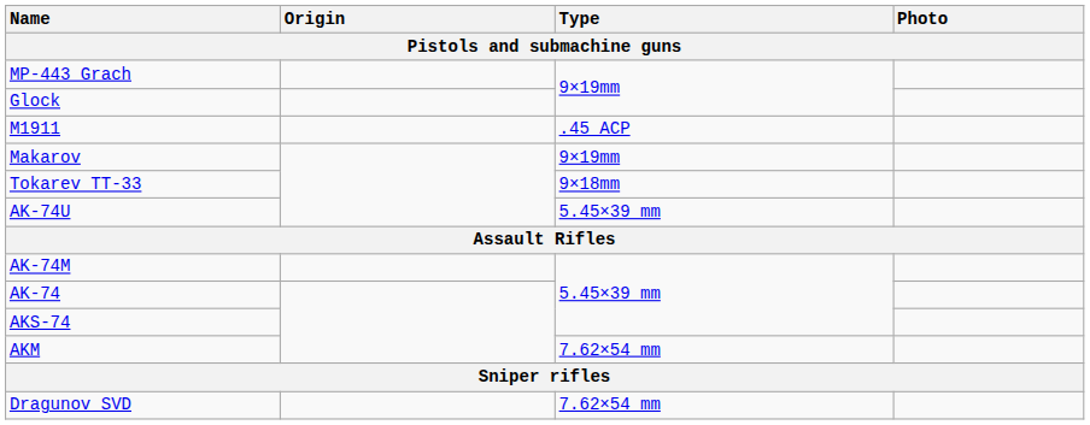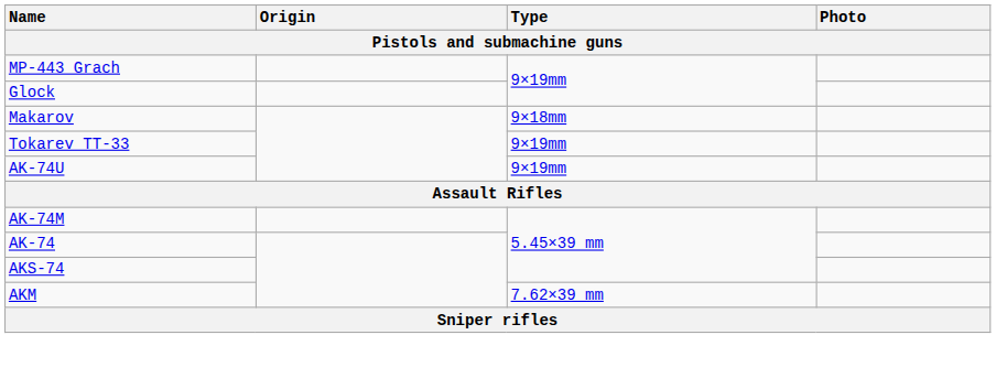 <table class="wikitable">
 <tr>
 <th style="text-align: left; width:13%;">Name</th>
 <th style="text-align: left; width:13%;">Origin</th>
 <th style="text-align: left; width:16%;">Type</th>
 <th style="text-align: left; width:9%; ">Photo</th>
 </tr>
 <tr>
 <th colspan="4" style="align: center;">Pistols and submachine guns</th>
 </tr>
 <tr>
 <td><a href='#'>MP-443 Grach</a></td>
 <td></td>
 <td rowspan="2"><a href='#'>9×19mm</a></td>
 <td></td>
 </tr>
 <tr>
 <td><a href='#'>Glock</a></td>
 <td></td>
 <td></td>
 </tr>
 <tr>
-<td><a href='#'>M1911</a></td>
-<td></td>
-<td><a href='#'>.45 ACP</a></td>
+<td><a href='#'>Makarov</a></td>
+<td rowspan="3"></td>
+<td><a href='#'>9×18mm</a></td>
 <td></td>
 </tr>
 <tr>
-<td><a href='#'>Makarov</a></td>
-<td rowspan="3"></td>
+<td><a href='#'>Tokarev TT-33</a></td>
 <td><a href='#'>9×19mm</a></td>
 <td></td>
 </tr>
 <tr>
-<td><a href='#'>Tokarev TT-33</a></td>
-<td><a href='#'>9×18mm</a></td>
-<td></td>
-</tr>
-<tr>
 <td><a href='#'>AK-74U</a></td>
-<td><a href='#'>5.45×39 mm</a></td>
+<td><a href='#'>9×19mm</a></td>
 <td></td>
 </tr>
 <tr>
 <th colspan="4" style="align: center;">Assault Rifles</th>
 </tr>
 <tr>
 <td><a href='#'>AK-74M</a></td>
 <td></td>
 <td rowspan="3"><a href='#'>5.45×39 mm</a></td>
 <td></td>
 </tr>
 <tr>
 <td><a href='#'>AK-74</a></td>
 <td rowspan="3"></td>
 <td></td>
 </tr>
 <tr>
 <td><a href='#'>AKS-74</a></td>
 <td></td>
 </tr>
 <tr>
 <td><a href='#'>AKM</a></td>
-<td><a href='#'>7.62×54 mm</a></td>
+<td><a href='#'>7.62×39 mm</a></td>
 <td></td>
 </tr>
 <tr>
 <th colspan="4" style="align: center;">Sniper rifles</th>
 </tr>
-<tr>
-<td><a href='#'>Dragunov SVD</a></td>
-<td></td>
-<td><a href='#'>7.62×54 mm</a></td>
-<td></td>
-</tr>
 </table>
